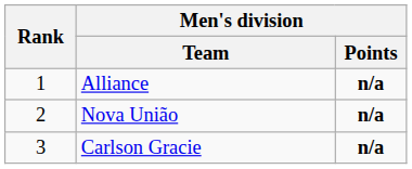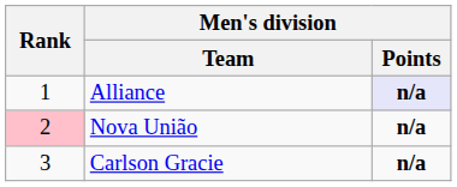 <table class="wikitable" style="text-align:center;">
 <tr>
 <th rowspan="2" width="50">Rank</th>
 <th colspan="2">Men's division</th>
 </tr>
 <tr>
 <th width="200">Team</th>
 <th width="50">Points</th>
 </tr>
 <tr>
 <td>1</td>
 <td style=text-align:left><a href='#'>Alliance</a></td>
-<td><strong>n/a</strong></td>
+<td style="background: lavender;"><strong>n/a</strong></td>
 </tr>
 <tr>
-<td>2</td>
+<td style="background: pink;">2</td>
 <td style=text-align:left><a href='#'>Nova União</a></td>
 <td><strong>n/a</strong></td>
 </tr>
 <tr>
 <td>3</td>
 <td style=text-align:left><a href='#'>Carlson Gracie</a></td>
 <td><strong>n/a</strong></td>
 </tr>
 </table>
